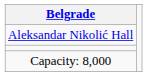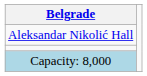 <table class="wikitable" style="text-align:center; margin:1em auto;">
 <tr>
 <th><a href='#'>Belgrade</a></th>
 <td rowspan=4></td>
 </tr>
 <tr>
 <td><a href='#'>Aleksandar Nikolić Hall</a></td>
 </tr>
 <tr>
 <td></td>
 </tr>
 <tr>
-<td>Capacity: 8,000</td>
+<td style="background: lightblue;">Capacity: 8,000</td>
 </tr>
 </table>
